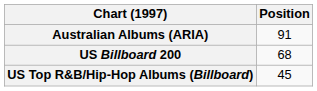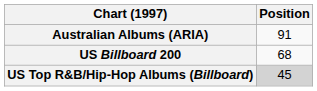 <table class="wikitable sortable plainrowheaders" style="text-align:center">
 <tr>
 <th scope="col">Chart (1997)</th>
 <th scope="col">Position</th>
 </tr>
 <tr>
 <th scope="row">Australian Albums (ARIA)</th>
 <td>91</td>
 </tr>
 <tr>
 <th scope="row">US <em>Billboard</em> 200</th>
 <td>68</td>
 </tr>
 <tr>
 <th scope="row">US Top R&B/Hip-Hop Albums (<em>Billboard</em>)</th>
-<td>45</td>
+<td style="background: lightgrey;">45</td>
 </tr>
 </table>
